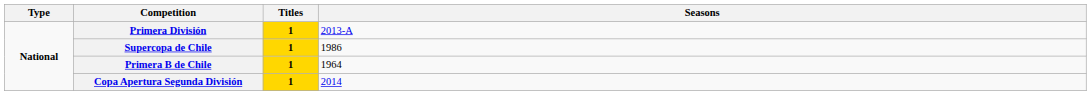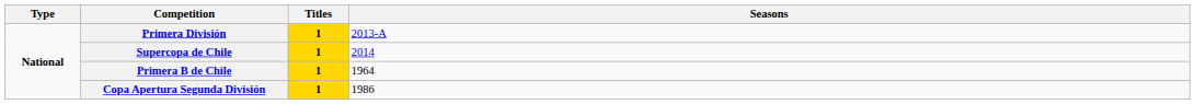 <table class="wikitable plainrowheaders" style="font-size:95%; text-align:center;">
 <tr>
 <th style="width: 1%;">Type</th>
 <th style="width: 5%;">Competition</th>
 <th style="width: 1%;">Titles</th>
 <th style="width: 21%;">Seasons</th>
 </tr>
 <tr>
 <td rowspan="6"><strong>National</strong></td>
 <th scope=col><a href='#'>Primera División</a></th>
 <td bgcolor="gold"><strong>1</strong></td>
 <td align="left"><a href='#'>2013-A</a></td>
 </tr>
 <tr>
 <th scope="col"><a href='#'>Supercopa de Chile</a></th>
 <td bgcolor="gold"><strong>1</strong></td>
-<td align="left">1986</td>
+<td align="left"><a href='#'>2014</a></td>
 </tr>
 <tr>
 <th scope="col"><a href='#'>Primera B de Chile</a></th>
 <td bgcolor="gold"><strong>1</strong></td>
 <td align="left">1964</td>
 </tr>
 <tr>
 <th scope="col"><a href='#'>Copa Apertura Segunda División</a></th>
 <td bgcolor="gold"><strong>1</strong></td>
-<td align="left"><a href='#'>2014</a></td>
+<td align="left">1986</td>
 </tr>
 </table>
